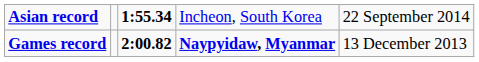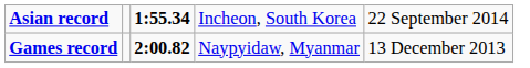 <table class="wikitable">
 <tr>
 <td><strong><a href='#'>Asian record</a></strong></td>
 <td></td>
 <td><strong>1:55.34</strong></td>
 <td><a href='#'>Incheon</a>, <a href='#'>South Korea</a></td>
 <td>22 September 2014</td>
 </tr>
 <tr>
 <td><strong><a href='#'>Games record</a></strong></td>
 <td></td>
 <td><strong>2:00.82</strong></td>
-<td><strong><a href='#'>Naypyidaw</a>, <a href='#'>Myanmar</a></strong></td>
+<td><a href='#'>Naypyidaw</a>, <a href='#'>Myanmar</a></td>
 <td>13 December 2013</td>
 </tr>
 </table>
